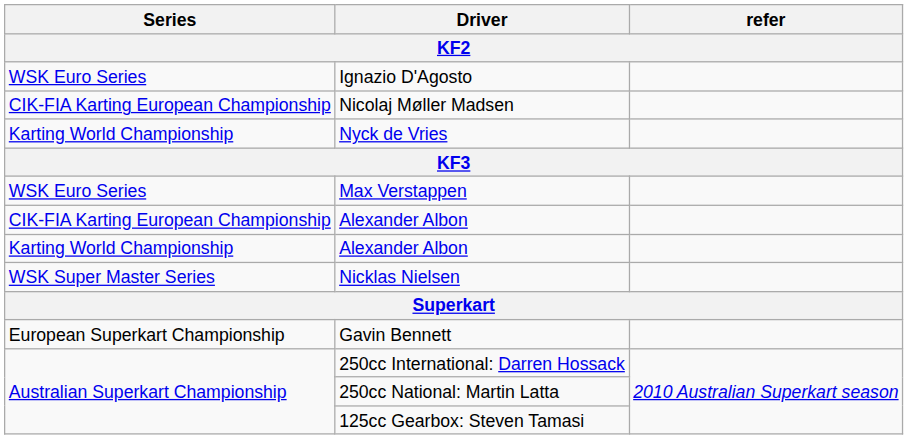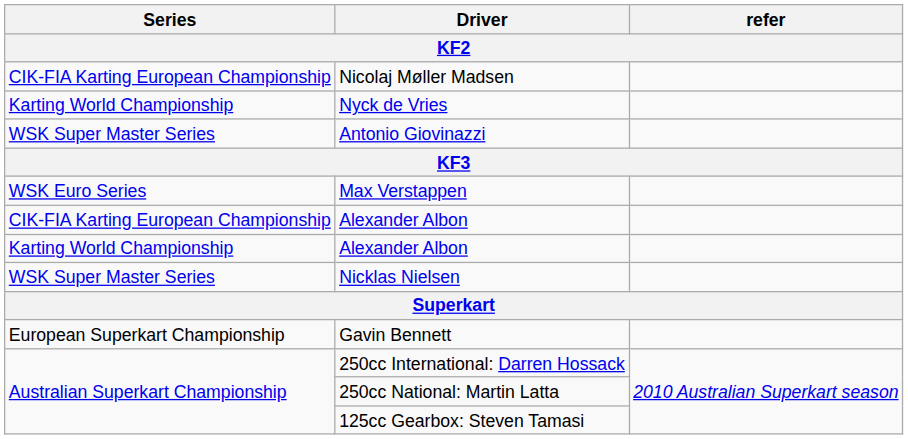 <table class="wikitable" style="font-size:87%;">
 <tr>
 <th>Series</th>
 <th>Driver</th>
 <th>refer</th>
 </tr>
 <tr>
 <th colspan=3 align="center"><a href='#'>KF2</a></th>
 </tr>
 <tr>
-<td><a href='#'>WSK Euro Series</a></td>
-<td> Ignazio D'Agosto</td>
-<td></td>
-</tr>
-<tr>
 <td><a href='#'>CIK-FIA Karting European Championship</a></td>
 <td> Nicolaj Møller Madsen</td>
 <td></td>
 </tr>
 <tr>
 <td><a href='#'>Karting World Championship</a></td>
 <td> <a href='#'>Nyck de Vries</a></td>
+<td></td>
+</tr>
+<tr>
+<td><a href='#'>WSK Super Master Series</a></td>
+<td> <a href='#'>Antonio Giovinazzi</a></td>
 <td></td>
 </tr>
 <tr>
 <th colspan=3 align="center"><a href='#'>KF3</a></th>
 </tr>
 <tr>
 <td><a href='#'>WSK Euro Series</a></td>
 <td> <a href='#'>Max Verstappen</a></td>
 <td></td>
 </tr>
 <tr>
 <td><a href='#'>CIK-FIA Karting European Championship</a></td>
 <td> <a href='#'>Alexander Albon</a></td>
 <td></td>
 </tr>
 <tr>
 <td><a href='#'>Karting World Championship</a></td>
 <td> <a href='#'>Alexander Albon</a></td>
 <td></td>
 </tr>
 <tr>
 <td><a href='#'>WSK Super Master Series</a></td>
 <td> <a href='#'>Nicklas Nielsen</a></td>
 <td></td>
 </tr>
 <tr>
 <th colspan=3 align="center"><a href='#'>Superkart</a></th>
 </tr>
 <tr>
 <td>European Superkart Championship</td>
 <td> Gavin Bennett</td>
 <td></td>
 </tr>
 <tr>
 <td rowspan=3><a href='#'>Australian Superkart Championship</a></td>
 <td>250cc International:  <a href='#'>Darren Hossack</a></td>
 <td rowspan=3><em><a href='#'>2010 Australian Superkart season</a></em></td>
 </tr>
 <tr>
 <td>250cc National:  Martin Latta</td>
 </tr>
 <tr>
 <td>125cc Gearbox:  Steven Tamasi</td>
 </tr>
 </table>
